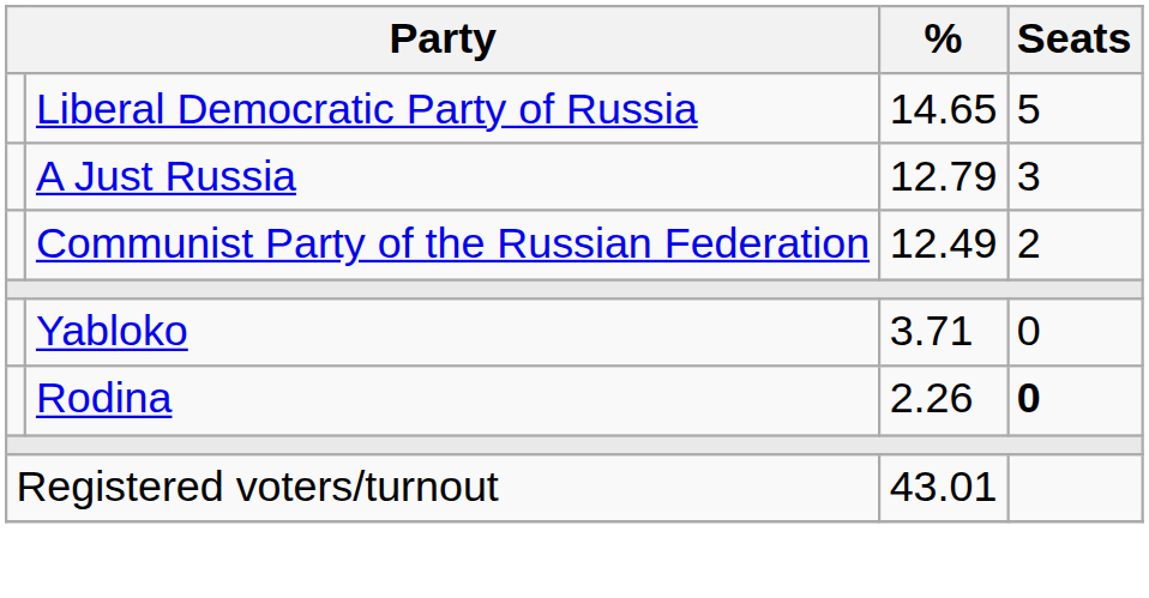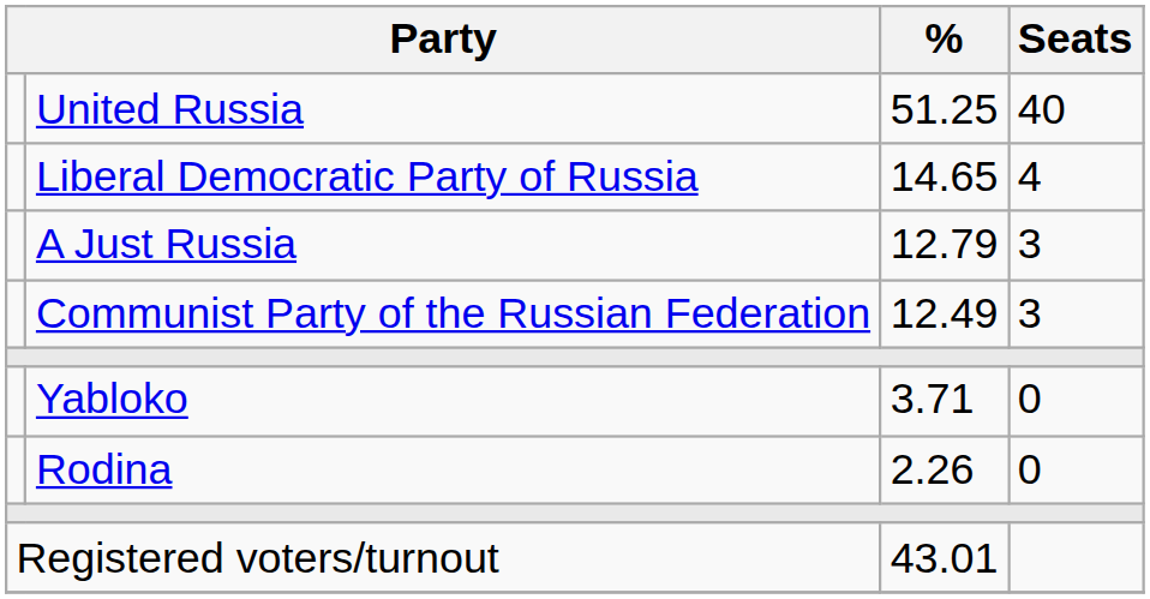 <table class="wikitable">
 <tr>
 <th colspan=2>Party</th>
 <th>%</th>
 <th>Seats</th>
 </tr>
 <tr>
 <td style="background:"></td>
+<td><a href='#'>United Russia</a></td>
+<td>51.25</td>
+<td>40</td>
+</tr>
+<tr>
+<td style="background:"></td>
 <td><a href='#'>Liberal Democratic Party of Russia</a></td>
 <td>14.65</td>
-<td>5</td>
+<td>4</td>
 </tr>
 <tr>
 <td style="background:"></td>
 <td><a href='#'>A Just Russia</a></td>
 <td>12.79</td>
 <td>3</td>
 </tr>
 <tr>
 <td style="background:"></td>
 <td><a href='#'>Communist Party of the Russian Federation</a></td>
 <td>12.49</td>
-<td>2</td>
+<td>3</td>
 </tr>
 <tr>
 <td colspan=4 style="background:#E9E9E9;"></td>
 </tr>
 <tr>
 <td style="background:"></td>
 <td><a href='#'>Yabloko</a></td>
 <td>3.71</td>
 <td>0</td>
 </tr>
 <tr>
 <td style="background:"></td>
 <td><a href='#'>Rodina</a></td>
 <td>2.26</td>
-<td><strong>0</strong></td>
+<td>0</td>
 </tr>
 <tr>
 <td colspan=4 style="background:#E9E9E9;"></td>
 </tr>
 <tr>
 <td align=left colspan=2>Registered voters/turnout</td>
 <td>43.01</td>
 <td></td>
 </tr>
 <tr>
 </tr>
 </table>
